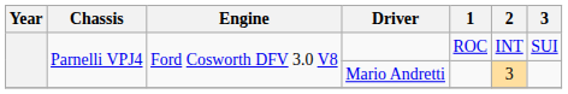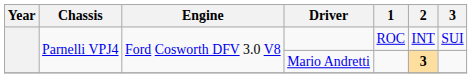 <table class="wikitable" style="text-align:center; font-size:85%">
 <tr>
 <th>Year</th>
 <th>Chassis</th>
 <th>Engine</th>
 <th>Driver</th>
 <th>1</th>
 <th>2</th>
 <th>3</th>
 </tr>
 <tr>
 <th rowspan="2"></th>
 <td rowspan="2"><a href='#'>Parnelli VPJ4</a></td>
 <td rowspan="2"><a href='#'>Ford</a> <a href='#'>Cosworth DFV</a> 3.0 <a href='#'>V8</a></td>
 <td></td>
 <td><a href='#'>ROC</a></td>
 <td><a href='#'>INT</a></td>
 <td><a href='#'>SUI</a></td>
 </tr>
 <tr>
 <td align="left"> <a href='#'>Mario Andretti</a></td>
 <td></td>
-<td style="background:#FFDF9F;">3</td>
+<td style="background:#FFDF9F;"><strong>3</strong></td>
 <td></td>
 </tr>
 <tr>
 </tr>
 </table>
